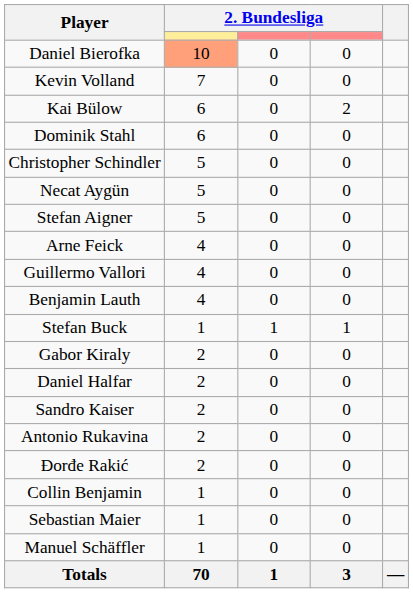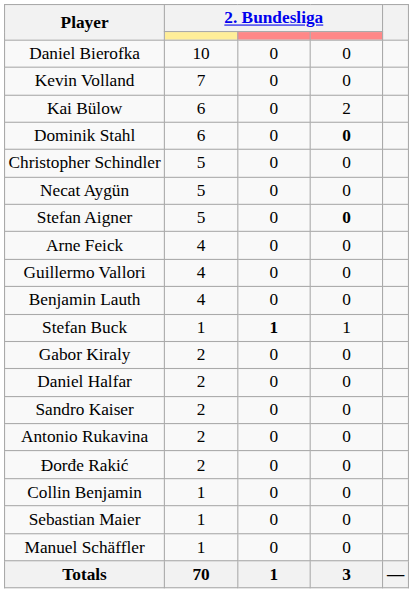 <table class="wikitable" style="text-align:center;">
 <tr style="text-align:center;">
 <th rowspan="2">Player</th>
 <th colspan="3"><a href='#'>2. Bundesliga</a></th>
 <th rowspan="2"></th>
 </tr>
 <tr>
 <th style="width:60px; background:#fe9;"></th>
 <th style="width:60px; background:#ff8888;"></th>
 <th style="width:60px; background:#ff8888;"></th>
 </tr>
 <tr>
 <td>Daniel Bierofka</td>
-<td style="background: lightsalmon;">10</td>
+<td>10</td>
 <td>0</td>
 <td>0</td>
 <td></td>
 </tr>
 <tr>
 <td>Kevin Volland</td>
 <td>7</td>
 <td>0</td>
 <td>0</td>
 <td></td>
 </tr>
 <tr>
 <td>Kai Bülow</td>
 <td>6</td>
 <td>0</td>
 <td>2</td>
 <td></td>
 </tr>
 <tr>
 <td>Dominik Stahl</td>
 <td>6</td>
 <td>0</td>
-<td>0</td>
+<td><strong>0</strong></td>
 <td></td>
 </tr>
 <tr>
 <td>Christopher Schindler</td>
 <td>5</td>
 <td>0</td>
 <td>0</td>
 <td></td>
 </tr>
 <tr>
 <td>Necat Aygün</td>
 <td>5</td>
 <td>0</td>
 <td>0</td>
 <td></td>
 </tr>
 <tr>
 <td>Stefan Aigner</td>
 <td>5</td>
 <td>0</td>
-<td>0</td>
+<td><strong>0</strong></td>
 <td></td>
 </tr>
 <tr>
 <td>Arne Feick</td>
 <td>4</td>
 <td>0</td>
 <td>0</td>
 <td></td>
 </tr>
 <tr>
 <td>Guillermo Vallori</td>
 <td>4</td>
 <td>0</td>
 <td>0</td>
 <td></td>
 </tr>
 <tr>
 <td>Benjamin Lauth</td>
 <td>4</td>
 <td>0</td>
 <td>0</td>
 <td></td>
 </tr>
 <tr>
 <td>Stefan Buck</td>
 <td>1</td>
-<td>1</td>
+<td><strong>1</strong></td>
 <td>1</td>
 <td></td>
 </tr>
 <tr>
 <td>Gabor Kiraly</td>
 <td>2</td>
 <td>0</td>
 <td>0</td>
 <td></td>
 </tr>
 <tr>
 <td>Daniel Halfar</td>
 <td>2</td>
 <td>0</td>
 <td>0</td>
 <td></td>
 </tr>
 <tr>
 <td>Sandro Kaiser</td>
 <td>2</td>
 <td>0</td>
 <td>0</td>
 <td></td>
 </tr>
 <tr>
 <td>Antonio Rukavina</td>
 <td>2</td>
 <td>0</td>
 <td>0</td>
 <td></td>
 </tr>
 <tr>
 <td>Đorđe Rakić</td>
 <td>2</td>
 <td>0</td>
 <td>0</td>
 <td></td>
 </tr>
 <tr>
 <td>Collin Benjamin</td>
 <td>1</td>
 <td>0</td>
 <td>0</td>
 <td></td>
 </tr>
 <tr>
 <td>Sebastian Maier</td>
 <td>1</td>
 <td>0</td>
 <td>0</td>
 <td></td>
 </tr>
 <tr>
 <td>Manuel Schäffler</td>
 <td>1</td>
 <td>0</td>
 <td>0</td>
 <td></td>
 </tr>
 <tr>
 <th>Totals</th>
 <th>70</th>
 <th>1</th>
 <th>3</th>
 <th>—</th>
 </tr>
 </table>
